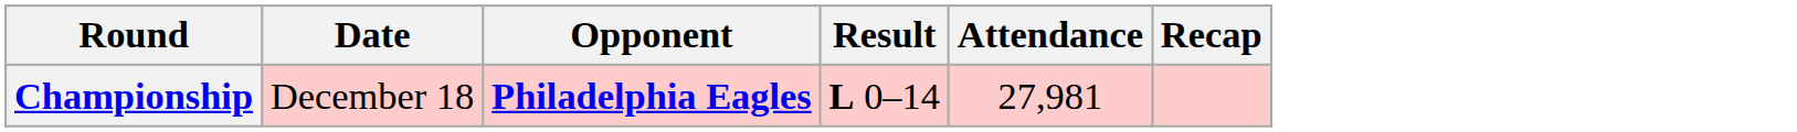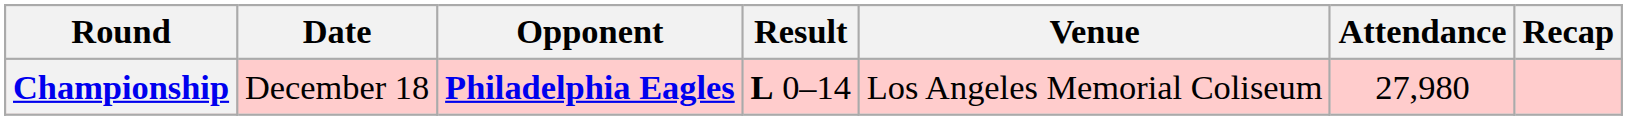 <table class="wikitable" style="text-align:center">
 <tr>
 <th>Round</th>
 <th>Date</th>
 <th>Opponent</th>
 <th>Result</th>
+<th>Venue</th>
 <th>Attendance</th>
 <th>Recap</th>
 </tr>
 <tr style="background:#fcc">
 <th><a href='#'>Championship</a></th>
 <td>December 18</td>
 <td><strong><a href='#'>Philadelphia Eagles</a></strong></td>
 <td><strong>L</strong> 0–14</td>
-<td>27,981</td>
+<td>Los Angeles Memorial Coliseum</td>
+<td>27,980</td>
 <td></td>
 </tr>
 </table>
